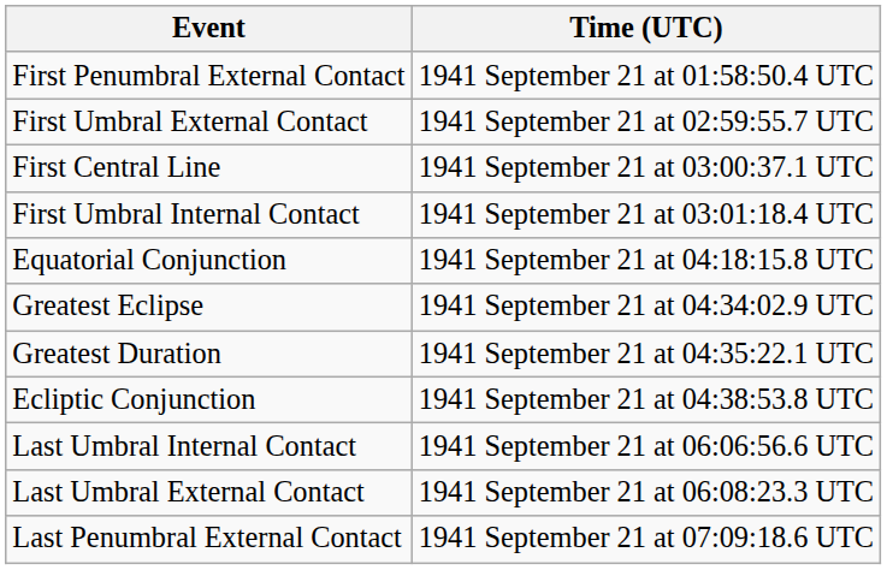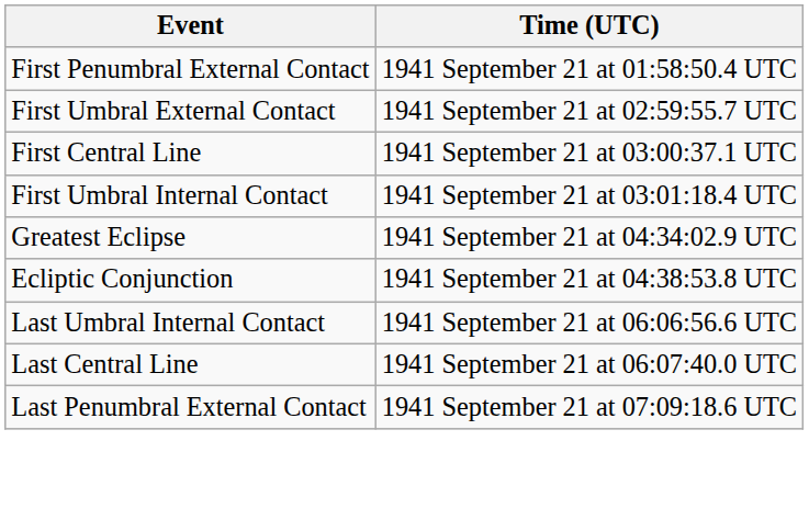 <table class="wikitable">
 <tr>
 <th>Event</th>
 <th>Time (UTC)</th>
 </tr>
 <tr>
 <td>First Penumbral External Contact</td>
 <td>1941 September 21 at 01:58:50.4 UTC</td>
 </tr>
 <tr>
 <td>First Umbral External Contact</td>
 <td>1941 September 21 at 02:59:55.7 UTC</td>
 </tr>
 <tr>
 <td>First Central Line</td>
 <td>1941 September 21 at 03:00:37.1 UTC</td>
 </tr>
 <tr>
 <td>First Umbral Internal Contact</td>
 <td>1941 September 21 at 03:01:18.4 UTC</td>
 </tr>
 <tr>
-<td>Equatorial Conjunction</td>
-<td>1941 September 21 at 04:18:15.8 UTC</td>
-</tr>
-<tr>
 <td>Greatest Eclipse</td>
 <td>1941 September 21 at 04:34:02.9 UTC</td>
-</tr>
-<tr>
-<td>Greatest Duration</td>
-<td>1941 September 21 at 04:35:22.1 UTC</td>
 </tr>
 <tr>
 <td>Ecliptic Conjunction</td>
 <td>1941 September 21 at 04:38:53.8 UTC</td>
 </tr>
 <tr>
 <td>Last Umbral Internal Contact</td>
 <td>1941 September 21 at 06:06:56.6 UTC</td>
 </tr>
 <tr>
-<td>Last Umbral External Contact</td>
-<td>1941 September 21 at 06:08:23.3 UTC</td>
+<td>Last Central Line</td>
+<td>1941 September 21 at 06:07:40.0 UTC</td>
 </tr>
 <tr>
 <td>Last Penumbral External Contact</td>
 <td>1941 September 21 at 07:09:18.6 UTC</td>
 </tr>
 </table>
